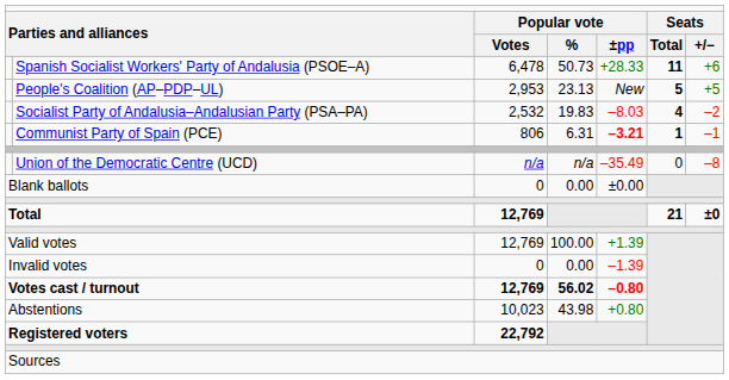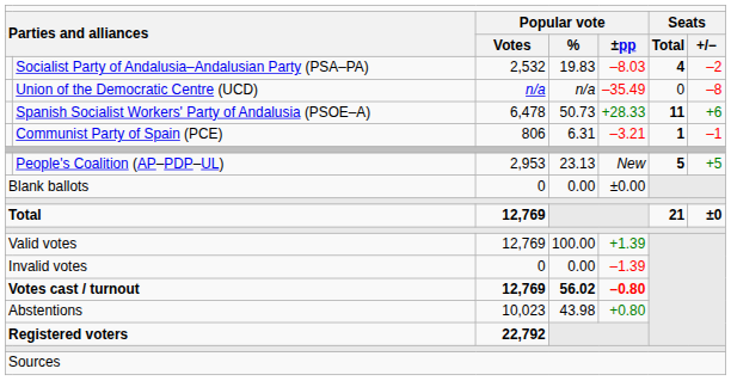 <table class="wikitable" style="text-align:right;">
 <tr>
 <td colspan="7"></td>
 </tr>
 <tr>
 <th style="text-align:left;" rowspan="2" colspan="2" width="525">Parties and alliances</th>
 <th colspan="3">Popular vote</th>
 <th colspan="2">Seats</th>
 </tr>
 <tr>
 <th width="75">Votes</th>
 <th width="45">%</th>
 <th width="45">±<a href='#'>pp</a></th>
 <th width="35">Total</th>
 <th width="35">+/−</th>
 </tr>
 <tr>
+<td style="color:inherit;background:"></td>
+<td align="left"><a href='#'>Socialist Party of Andalusia–Andalusian Party</a> (PSA–PA)</td>
+<td>2,532</td>
+<td>19.83</td>
+<td style="color:red;">–8.03</td>
+<td><strong>4</strong></td>
+<td style="color:red;">–2</td>
+</tr>
+<tr>
+<td style="color:inherit;background:"></td>
+<td align="left"><a href='#'>Union of the Democratic Centre</a> (UCD)</td>
+<td><em><a href='#'>n/a</a></em></td>
+<td><em>n/a</em></td>
+<td style="color:red;">–35.49</td>
+<td>0</td>
+<td style="color:red;">–8</td>
+</tr>
+<tr>
 <td width="1" style="color:inherit;background:"></td>
 <td align="left"><a href='#'>Spanish Socialist Workers' Party of Andalusia</a> (PSOE–A)</td>
 <td>6,478</td>
 <td>50.73</td>
 <td style="color:green;">+28.33</td>
 <td><strong>11</strong></td>
 <td style="color:green;">+6</td>
 </tr>
 <tr>
 <td style="color:inherit;background:"></td>
-<td align="left"><a href='#'>People's Coalition</a> (<a href='#'>AP</a>–<a href='#'>PDP</a>–<a href='#'>UL</a>)</td>
-<td>2,953</td>
-<td>23.13</td>
-<td><em>New</em></td>
-<td><strong>5</strong></td>
-<td style="color:green;">+5</td>
-</tr>
-<tr>
-<td style="color:inherit;background:"></td>
-<td align="left"><a href='#'>Socialist Party of Andalusia–Andalusian Party</a> (PSA–PA)</td>
-<td>2,532</td>
-<td>19.83</td>
-<td style="color:red;">–8.03</td>
-<td><strong>4</strong></td>
-<td style="color:red;">–2</td>
-</tr>
-<tr>
-<td style="color:inherit;background:"></td>
 <td align="left"><a href='#'>Communist Party of Spain</a> (PCE)</td>
 <td>806</td>
 <td>6.31</td>
-<td style="color:red;"><strong>–3.21</strong></td>
+<td style="color:red;">–3.21</td>
 <td><strong>1</strong></td>
 <td style="color:red;">–1</td>
 </tr>
 <tr>
 <td colspan="7" bgcolor="#C0C0C0"></td>
 </tr>
 <tr>
 <td style="color:inherit;background:"></td>
-<td align="left"><a href='#'>Union of the Democratic Centre</a> (UCD)</td>
-<td><em><a href='#'>n/a</a></em></td>
-<td><em>n/a</em></td>
-<td style="color:red;">–35.49</td>
-<td>0</td>
-<td style="color:red;">–8</td>
+<td align="left"><a href='#'>People's Coalition</a> (<a href='#'>AP</a>–<a href='#'>PDP</a>–<a href='#'>UL</a>)</td>
+<td>2,953</td>
+<td>23.13</td>
+<td><em>New</em></td>
+<td><strong>5</strong></td>
+<td style="color:green;">+5</td>
 </tr>
 <tr>
 <td align="left" colspan="2">Blank ballots</td>
 <td>0</td>
 <td>0.00</td>
 <td>±0.00</td>
 <td bgcolor="#E9E9E9" colspan="2"></td>
 </tr>
 <tr>
 <td colspan="7" bgcolor="#E9E9E9"></td>
 </tr>
 <tr style="font-weight:bold;">
 <td align="left" colspan="2">Total</td>
 <td>12,769</td>
 <td bgcolor="#E9E9E9" colspan="2"></td>
 <td>21</td>
 <td>±0</td>
 </tr>
 <tr>
 <td colspan="7" bgcolor="#E9E9E9"></td>
 </tr>
 <tr>
 <td align="left" colspan="2">Valid votes</td>
 <td>12,769</td>
 <td>100.00</td>
 <td style="color:green;">+1.39</td>
 <td bgcolor="#E9E9E9" colspan="2" rowspan="5"></td>
 </tr>
 <tr>
 <td align="left" colspan="2">Invalid votes</td>
 <td>0</td>
 <td>0.00</td>
 <td style="color:red;">–1.39</td>
 </tr>
 <tr style="font-weight:bold;">
 <td align="left" colspan="2">Votes cast / turnout</td>
 <td>12,769</td>
 <td>56.02</td>
 <td style="color:red;">–0.80</td>
 </tr>
 <tr>
 <td align="left" colspan="2">Abstentions</td>
 <td>10,023</td>
 <td>43.98</td>
 <td style="color:green;">+0.80</td>
 </tr>
 <tr style="font-weight:bold;">
 <td align="left" colspan="2">Registered voters</td>
 <td>22,792</td>
 <td bgcolor="#E9E9E9" colspan="2"></td>
 </tr>
 <tr>
 <td colspan="7" bgcolor="#E9E9E9"></td>
 </tr>
 <tr>
 <td align="left" colspan="7">Sources</td>
 </tr>
 </table>
